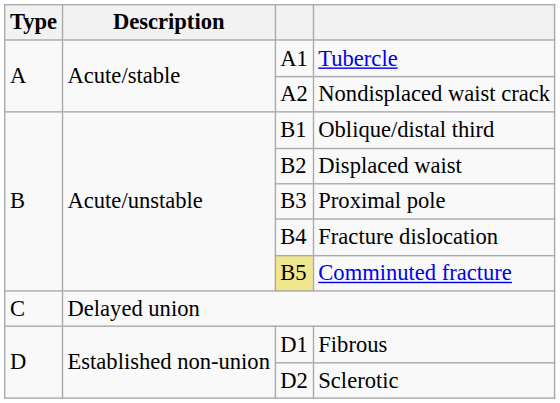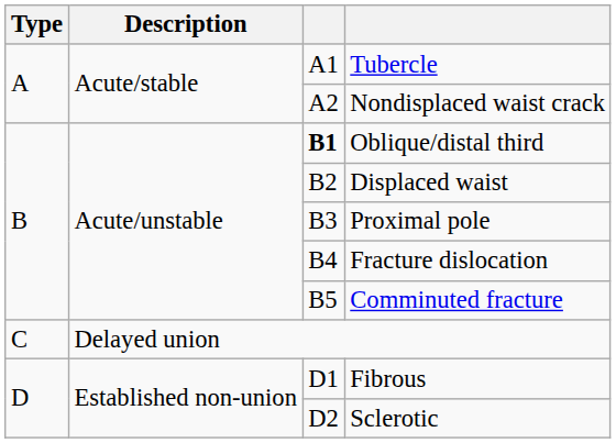 <table class="wikitable">
 <tr>
 <th>Type</th>
 <th>Description</th>
 <th></th>
 <th></th>
 </tr>
 <tr>
 <td rowspan="2">A</td>
 <td rowspan="2">Acute/stable</td>
 <td>A1</td>
 <td><a href='#'>Tubercle</a></td>
 </tr>
 <tr>
 <td>A2</td>
 <td>Nondisplaced waist crack</td>
 </tr>
 <tr>
 <td rowspan="5">B</td>
 <td rowspan="5">Acute/unstable</td>
-<td>B1</td>
+<td><strong>B1</strong></td>
 <td>Oblique/distal third</td>
 </tr>
 <tr>
 <td>B2</td>
 <td>Displaced waist</td>
 </tr>
 <tr>
 <td>B3</td>
 <td>Proximal pole</td>
 </tr>
 <tr>
 <td>B4</td>
 <td>Fracture dislocation</td>
 </tr>
 <tr>
-<td style="background: khaki;">B5</td>
+<td>B5</td>
 <td><a href='#'>Comminuted fracture</a></td>
 </tr>
 <tr>
 <td>C</td>
 <td colspan="3">Delayed union</td>
 </tr>
 <tr>
 <td rowspan="2">D</td>
 <td rowspan="2">Established non-union</td>
 <td>D1</td>
 <td>Fibrous</td>
 </tr>
 <tr>
 <td>D2</td>
 <td>Sclerotic</td>
 </tr>
 </table>
